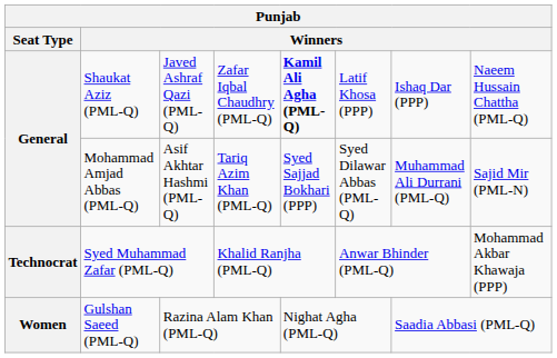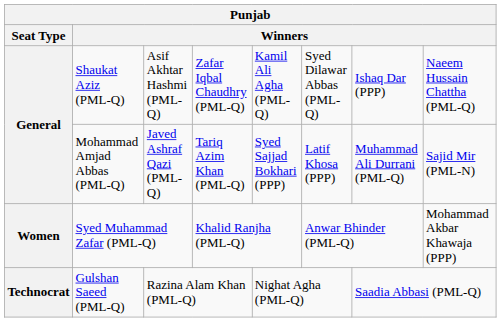 <table class="wikitable">
 <tr>
 <th colspan="8">Punjab</th>
 </tr>
 <tr>
 <th>Seat Type</th>
 <th colspan="7">Winners</th>
 </tr>
 <tr>
 <th rowspan="2">General</th>
 <td style="background:"><a href='#'>Shaukat Aziz</a><br>(PML-Q)</td>
-<td style="background:"><a href='#'>Javed Ashraf Qazi</a><br>(PML-Q)</td>
+<td style="background:">Asif Akhtar Hashmi<br>(PML-Q)</td>
 <td style="background:"><a href='#'>Zafar Iqbal Chaudhry</a><br>(PML-Q)</td>
-<td style="background:"><strong><a href='#'>Kamil Ali Agha</a><br>(PML-Q)</strong></td>
-<td style="background:"><a href='#'>Latif Khosa</a><br>(PPP)</td>
+<td style="background:"><a href='#'>Kamil Ali Agha</a><br>(PML-Q)</td>
+<td style="background:">Syed Dilawar Abbas<br>(PML-Q)</td>
 <td style="background:"><a href='#'>Ishaq Dar</a><br>(PPP)</td>
 <td style="background:"><a href='#'>Naeem Hussain Chattha</a><br>(PML-Q)</td>
 </tr>
 <tr>
 <td style="background:">Mohammad Amjad Abbas<br>(PML-Q)</td>
-<td style="background:">Asif Akhtar Hashmi<br>(PML-Q)</td>
+<td style="background:"><a href='#'>Javed Ashraf Qazi</a><br>(PML-Q)</td>
 <td style="background:"><a href='#'>Tariq Azim Khan</a><br>(PML-Q)</td>
 <td style="background:"><a href='#'>Syed Sajjad Bokhari</a><br>(PPP)</td>
-<td style="background:">Syed Dilawar Abbas<br>(PML-Q)</td>
+<td style="background:"><a href='#'>Latif Khosa</a><br>(PPP)</td>
 <td style="background:"><a href='#'>Muhammad Ali Durrani</a><br>(PML-Q)</td>
 <td style="background:"><a href='#'>Sajid Mir</a><br>(PML-N)</td>
 </tr>
 <tr>
-<th>Technocrat</th>
+<th>Women</th>
 <td colspan="2" style="background:"><a href='#'>Syed Muhammad Zafar</a> (PML-Q)</td>
 <td colspan="2" style="background:"><a href='#'>Khalid Ranjha</a> (PML-Q)</td>
 <td colspan="2" style="background:"><a href='#'>Anwar Bhinder</a> (PML-Q)</td>
 <td colspan="1" style="background:">Mohammad Akbar Khawaja (PPP)</td>
 </tr>
 <tr>
-<th>Women</th>
+<th>Technocrat</th>
 <td colspan="1" style="background:"><a href='#'>Gulshan Saeed</a> (PML-Q)</td>
 <td colspan="2" style="background:">Razina Alam Khan (PML-Q)</td>
 <td colspan="2" style="background:">Nighat Agha (PML-Q)</td>
 <td colspan="2" style="background:"><a href='#'>Saadia Abbasi</a> (PML-Q)</td>
 </tr>
 </table>
